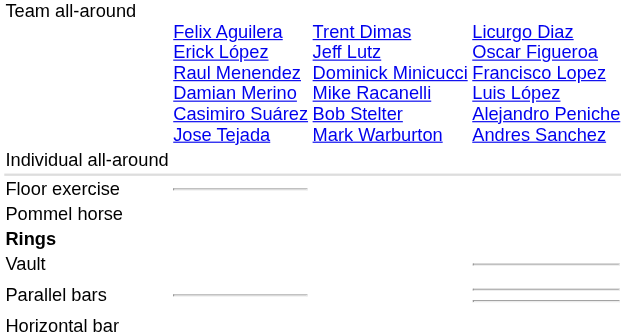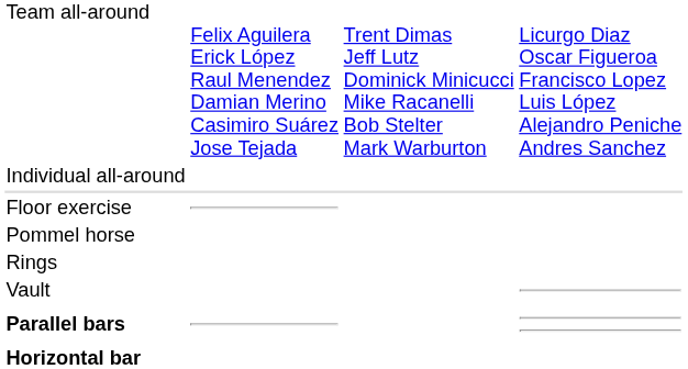 <table>
 <tr valign="top">
 <td>Team all-around<br></td>
 <td><br><a href='#'>Felix Aguilera</a><br><a href='#'>Erick López</a><br><a href='#'>Raul Menendez</a><br><a href='#'>Damian Merino</a><br><a href='#'>Casimiro Suárez</a><br><a href='#'>Jose Tejada</a></td>
 <td><br><a href='#'>Trent Dimas</a><br><a href='#'>Jeff Lutz</a><br><a href='#'>Dominick Minicucci</a><br><a href='#'>Mike Racanelli</a><br><a href='#'>Bob Stelter</a><br><a href='#'>Mark Warburton</a></td>
 <td><br><a href='#'>Licurgo Diaz</a><br><a href='#'>Oscar Figueroa</a><br><a href='#'>Francisco Lopez</a><br><a href='#'>Luis López</a><br><a href='#'>Alejandro Peniche</a><br><a href='#'>Andres Sanchez</a></td>
 </tr>
 <tr>
 <td>Individual all-around<br></td>
 <td></td>
 <td></td>
 <td></td>
 </tr>
 <tr bgcolor=#DDDDDD>
 <td colspan=7></td>
 </tr>
 <tr>
 <td>Floor exercise<br></td>
 <td><hr></td>
 <td></td>
 <td></td>
 </tr>
 <tr>
 <td>Pommel horse<br></td>
 <td></td>
 <td></td>
 <td></td>
 </tr>
 <tr>
-<td><strong>Rings<br></strong></td>
+<td>Rings<br></td>
 <td></td>
 <td></td>
 <td></td>
 </tr>
 <tr>
 <td>Vault<br></td>
 <td></td>
 <td></td>
 <td><hr></td>
 </tr>
 <tr>
-<td>Parallel bars<br></td>
+<td><strong>Parallel bars<br></strong></td>
 <td><hr></td>
 <td></td>
 <td><hr><hr></td>
 </tr>
 <tr>
-<td>Horizontal bar<br></td>
+<td><strong>Horizontal bar<br></strong></td>
 <td></td>
 <td></td>
 <td></td>
 </tr>
 </table>
